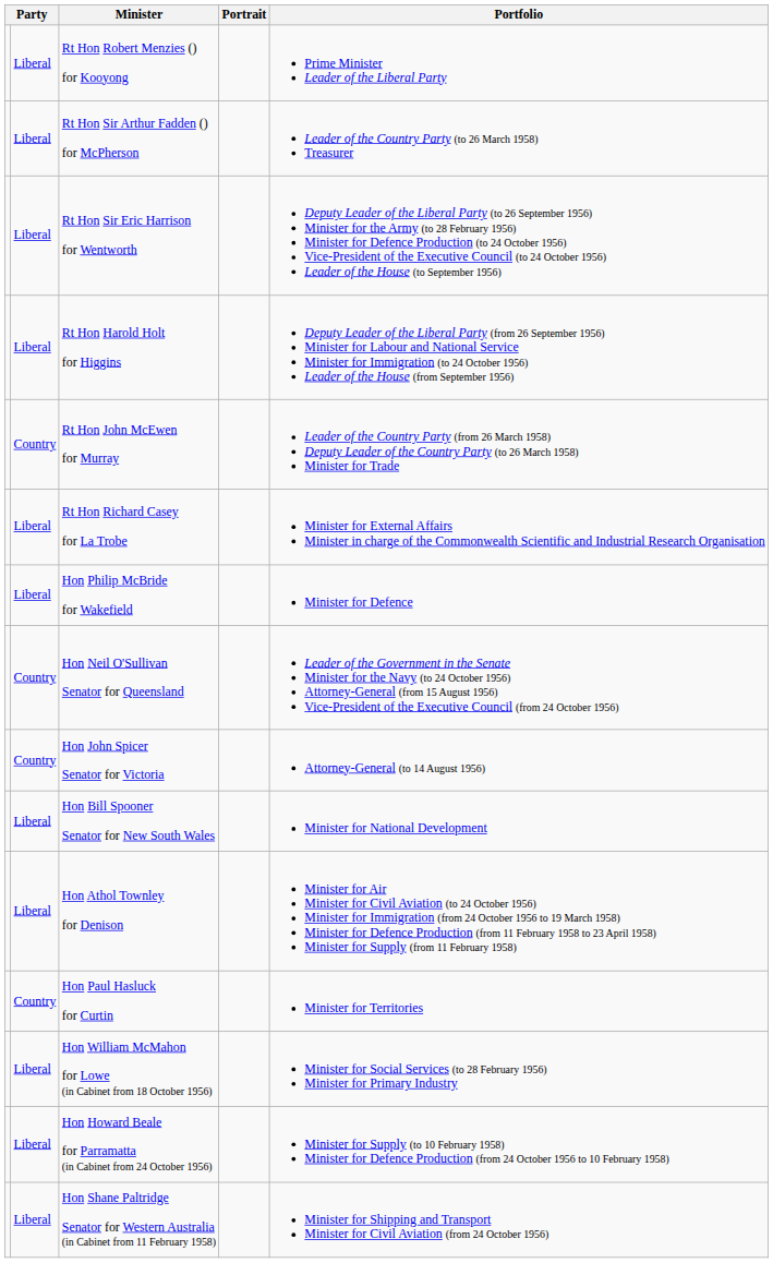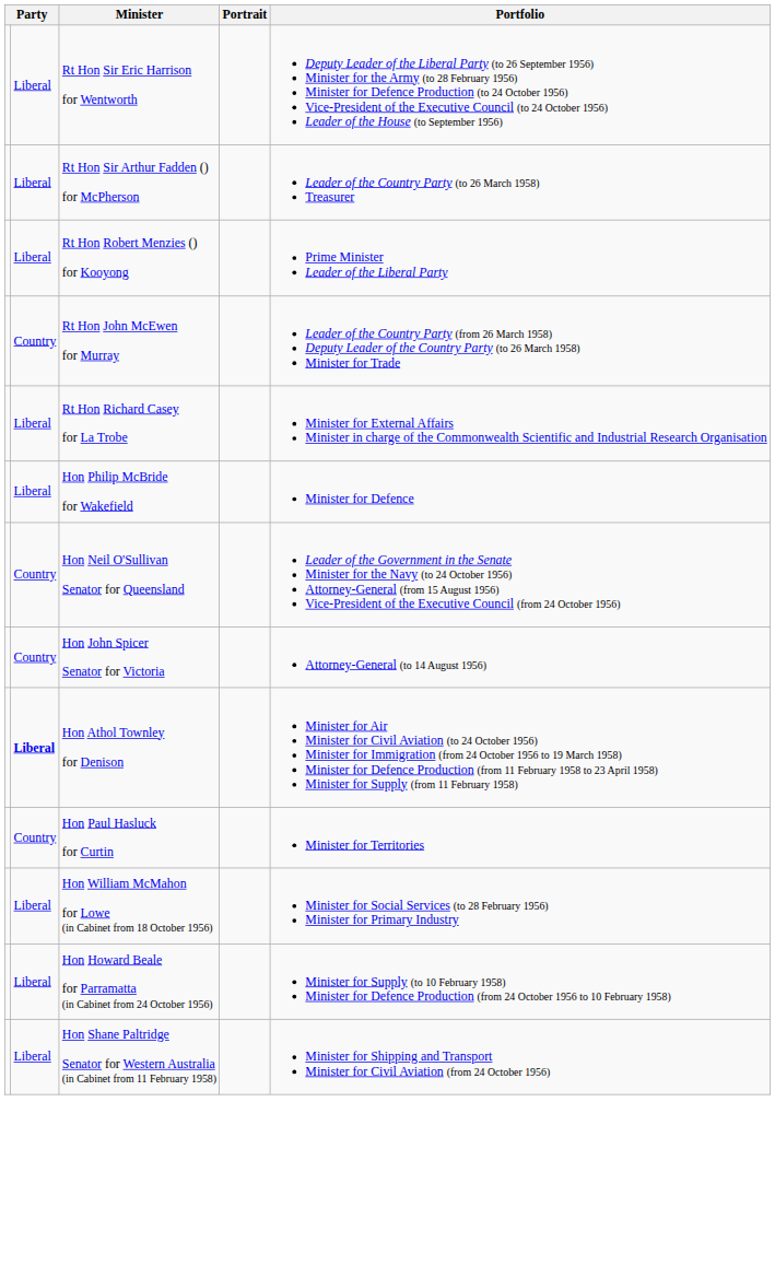 <table class="wikitable sortable">
 <tr>
 <th colspan="2">Party</th>
 <th>Minister</th>
 <th>Portrait</th>
 <th>Portfolio</th>
 </tr>
 <tr>
 <td></td>
 <td><a href='#'>Liberal</a></td>
-<td><a href='#'>Rt Hon</a> <a href='#'>Robert Menzies</a>   () <br><br> for <a href='#'>Kooyong</a> <br></td>
+<td><a href='#'>Rt Hon</a> <a href='#'>Sir Eric Harrison</a>  <br><br> for <a href='#'>Wentworth</a> <br></td>
 <td></td>
-<td><br><ul><li><a href='#'>Prime Minister</a></li><li><em><a href='#'>Leader of the Liberal Party</a></em></li></ul></td>
+<td><br><ul><li><em><a href='#'>Deputy Leader of the Liberal Party</a></em> <small>(to 26 September 1956)</small></li><li><a href='#'>Minister for the Army</a> <small>(to 28 February 1956)</small></li><li><a href='#'>Minister for Defence Production</a> <small>(to 24 October 1956)</small></li><li><a href='#'>Vice-President of the Executive Council</a> <small>(to 24 October 1956)</small></li><li><em><a href='#'>Leader of the House</a></em> <small>(to September 1956)</small></li></ul></td>
 </tr>
 <tr>
 <td></td>
 <td><a href='#'>Liberal</a></td>
 <td><a href='#'>Rt Hon</a> <a href='#'>Sir Arthur Fadden</a> () <br><br> for <a href='#'>McPherson</a> <br></td>
 <td></td>
 <td><br><ul><li><em><a href='#'>Leader of the Country Party</a></em> <small>(to 26 March 1958)</small></li><li><a href='#'>Treasurer</a></li></ul></td>
 </tr>
 <tr>
 <td></td>
 <td><a href='#'>Liberal</a></td>
-<td><a href='#'>Rt Hon</a> <a href='#'>Sir Eric Harrison</a>  <br><br> for <a href='#'>Wentworth</a> <br></td>
+<td><a href='#'>Rt Hon</a> <a href='#'>Robert Menzies</a>   () <br><br> for <a href='#'>Kooyong</a> <br></td>
 <td></td>
-<td><br><ul><li><em><a href='#'>Deputy Leader of the Liberal Party</a></em> <small>(to 26 September 1956)</small></li><li><a href='#'>Minister for the Army</a> <small>(to 28 February 1956)</small></li><li><a href='#'>Minister for Defence Production</a> <small>(to 24 October 1956)</small></li><li><a href='#'>Vice-President of the Executive Council</a> <small>(to 24 October 1956)</small></li><li><em><a href='#'>Leader of the House</a></em> <small>(to September 1956)</small></li></ul></td>
-</tr>
-<tr>
-<td></td>
-<td><a href='#'>Liberal</a></td>
-<td><a href='#'>Rt Hon</a> <a href='#'>Harold Holt</a> <br><br> for <a href='#'>Higgins</a> <br></td>
-<td></td>
-<td><br><ul><li><em><a href='#'>Deputy Leader of the Liberal Party</a></em> <small>(from 26 September 1956)</small></li><li><a href='#'>Minister for Labour and National Service</a></li><li><a href='#'>Minister for Immigration</a> <small>(to 24 October 1956)</small></li><li><em><a href='#'>Leader of the House</a></em> <small>(from September 1956)</small></li></ul></td>
+<td><br><ul><li><a href='#'>Prime Minister</a></li><li><em><a href='#'>Leader of the Liberal Party</a></em></li></ul></td>
 </tr>
 <tr>
 <td></td>
 <td><a href='#'>Country</a></td>
 <td><a href='#'>Rt Hon</a> <a href='#'>John McEwen</a> <br><br> for <a href='#'>Murray</a> <br></td>
 <td></td>
 <td><br><ul><li><em><a href='#'>Leader of the Country Party</a></em> <small>(from 26 March 1958)</small></li><li><em><a href='#'>Deputy Leader of the Country Party</a></em> <small>(to 26 March 1958)</small></li><li><a href='#'>Minister for Trade</a></li></ul></td>
 </tr>
 <tr>
 <td></td>
 <td><a href='#'>Liberal</a></td>
 <td><a href='#'>Rt Hon</a> <a href='#'>Richard Casey</a>    <br><br> for <a href='#'>La Trobe</a> <br></td>
 <td></td>
 <td><br><ul><li><a href='#'>Minister for External Affairs</a></li><li><a href='#'>Minister in charge of the Commonwealth Scientific and Industrial Research Organisation</a></li></ul></td>
 </tr>
 <tr>
 <td></td>
 <td><a href='#'>Liberal</a></td>
 <td><a href='#'>Hon</a> <a href='#'>Philip McBride</a> <br><br> for <a href='#'>Wakefield</a> <br></td>
 <td></td>
 <td><br><ul><li><a href='#'>Minister for Defence</a></li></ul></td>
 </tr>
 <tr>
 <td></td>
 <td><a href='#'>Country</a></td>
 <td><a href='#'>Hon</a> <a href='#'>Neil O'Sullivan</a> <br><br><a href='#'>Senator</a> for <a href='#'>Queensland</a> <br></td>
 <td></td>
 <td><br><ul><li><em><a href='#'>Leader of the Government in the Senate</a></em></li><li><a href='#'>Minister for the Navy</a> <small>(to 24 October 1956)</small></li><li><a href='#'>Attorney-General</a> <small>(from 15 August 1956)</small></li><li><a href='#'>Vice-President of the Executive Council</a> <small>(from 24 October 1956)</small></li></ul></td>
 </tr>
 <tr>
 <td></td>
 <td><a href='#'>Country</a></td>
 <td><a href='#'>Hon</a> <a href='#'>John Spicer</a>  <br><br><a href='#'>Senator</a> for <a href='#'>Victoria</a> <br></td>
 <td></td>
 <td><br><ul><li><a href='#'>Attorney-General</a> <small>(to 14 August 1956)</small></li></ul></td>
 </tr>
 <tr>
 <td></td>
-<td><a href='#'>Liberal</a></td>
-<td><a href='#'>Hon</a> <a href='#'>Bill Spooner</a>  <br><br><a href='#'>Senator</a> for <a href='#'>New South Wales</a> <br></td>
-<td></td>
-<td><br><ul><li><a href='#'>Minister for National Development</a></li></ul></td>
-</tr>
-<tr>
-<td></td>
-<td><a href='#'>Liberal</a></td>
+<td><strong><a href='#'>Liberal</a></strong></td>
 <td><a href='#'>Hon</a> <a href='#'>Athol Townley</a> <br><br> for <a href='#'>Denison</a> <br></td>
 <td></td>
 <td><br><ul><li><a href='#'>Minister for Air</a></li><li><a href='#'>Minister for Civil Aviation</a> <small>(to 24 October 1956)</small></li><li><a href='#'>Minister for Immigration</a> <small>(from 24 October 1956 to 19 March 1958)</small></li><li><a href='#'>Minister for Defence Production</a> <small>(from 11 February 1958 to 23 April 1958)</small></li><li><a href='#'>Minister for Supply</a> <small>(from 11 February 1958)</small></li></ul></td>
 </tr>
 <tr>
 <td></td>
 <td><a href='#'>Country</a></td>
 <td><a href='#'>Hon</a> <a href='#'>Paul Hasluck</a> <br><br> for <a href='#'>Curtin</a> <br></td>
 <td></td>
 <td><br><ul><li><a href='#'>Minister for Territories</a></li></ul></td>
 </tr>
 <tr>
 <td></td>
 <td><a href='#'>Liberal</a></td>
 <td><a href='#'>Hon</a> <a href='#'>William McMahon</a> <br><br> for <a href='#'>Lowe</a> <br> <small>(in Cabinet from 18 October 1956)</small></td>
 <td></td>
 <td><br><ul><li><a href='#'>Minister for Social Services</a> <small>(to 28 February 1956)</small></li><li><a href='#'>Minister for Primary Industry</a></li></ul></td>
 </tr>
 <tr>
 <td></td>
 <td><a href='#'>Liberal</a></td>
 <td><a href='#'>Hon</a> <a href='#'>Howard Beale</a> <br><br> for <a href='#'>Parramatta</a> <br> <small>(in Cabinet from 24 October 1956)</small></td>
 <td></td>
 <td><br><ul><li><a href='#'>Minister for Supply</a> <small>(to 10 February 1958)</small></li><li><a href='#'>Minister for Defence Production</a> <small>(from 24 October 1956 to 10 February 1958)</small></li></ul></td>
 </tr>
 <tr>
 <td></td>
 <td><a href='#'>Liberal</a></td>
 <td><a href='#'>Hon</a> <a href='#'>Shane Paltridge</a> <br><br><a href='#'>Senator</a> for <a href='#'>Western Australia</a> <br> <small>(in Cabinet from 11 February 1958)</small></td>
 <td></td>
 <td><br><ul><li><a href='#'>Minister for Shipping and Transport</a></li><li><a href='#'>Minister for Civil Aviation</a> <small>(from 24 October 1956)</small></li></ul></td>
 </tr>
 </table>
